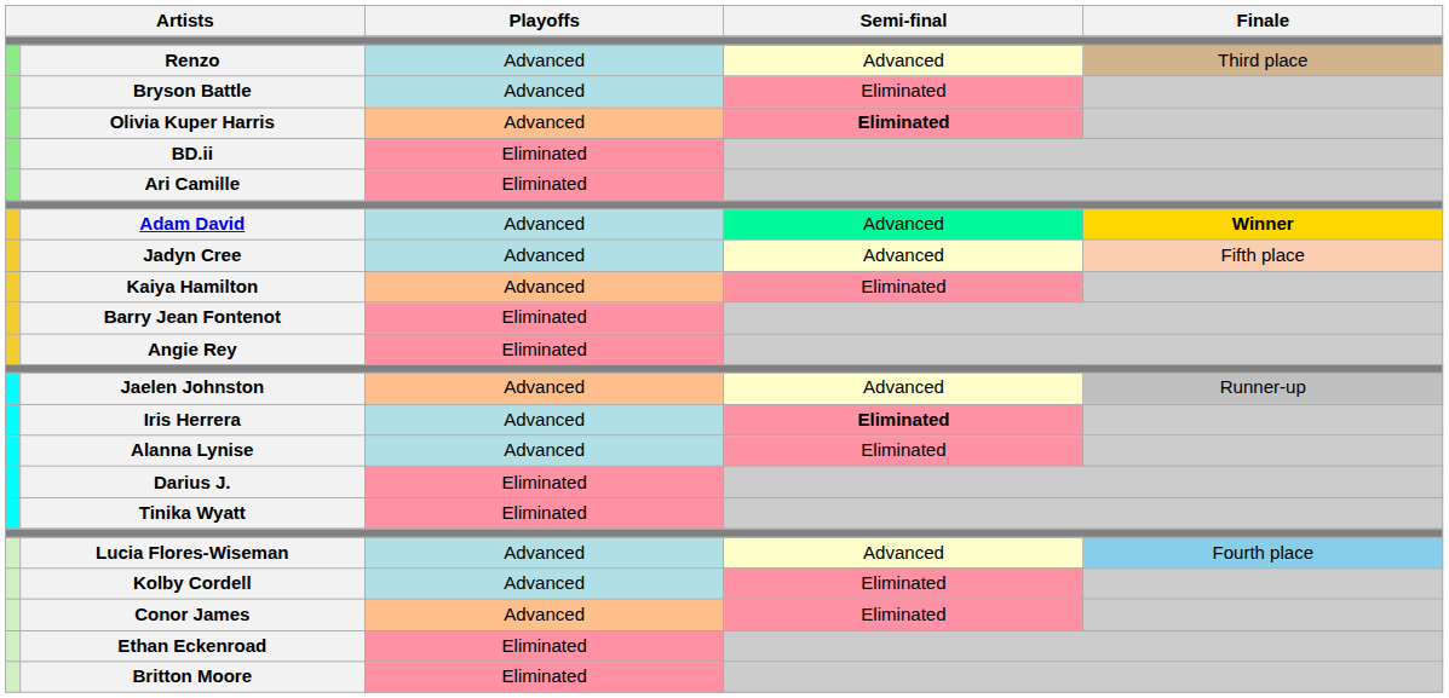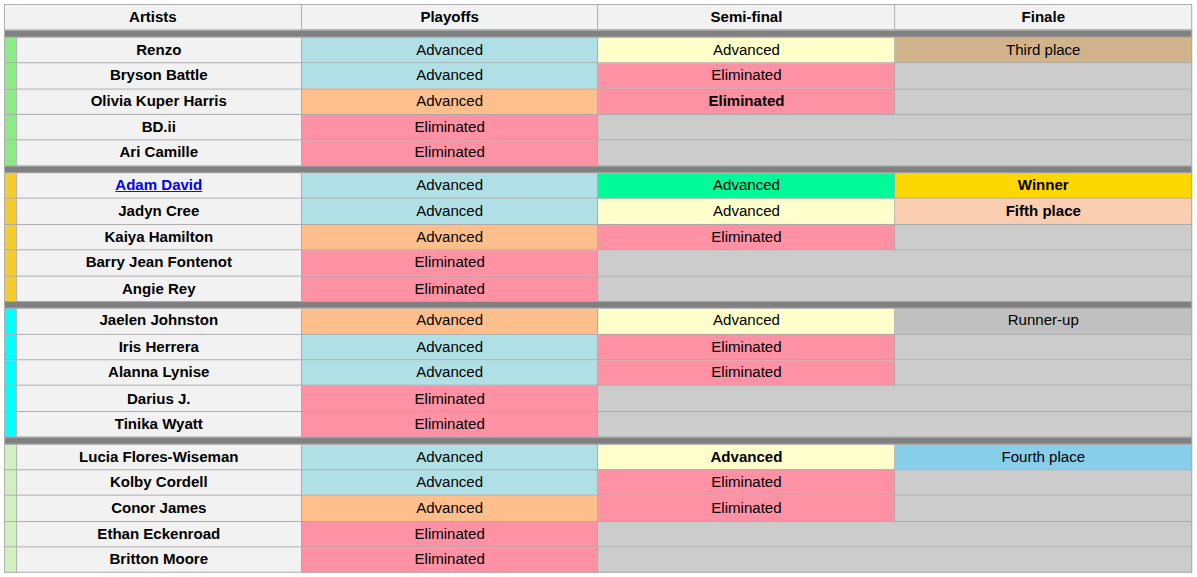 <table class="wikitable" style="text-align:center; line-height:20px; width:100%">
 <tr>
 <th colspan="2" rowspan="2" width="20%">Artists</th>
 <th style="width:20%">Playoffs</th>
 <th style="width:20%">Semi-final</th>
 <th style="width:20%">Finale</th>
 </tr>
 <tr>
 </tr>
 <tr>
 <th colspan="5" style="background:gray"></th>
 </tr>
 <tr>
 <th style="background:#8deb87"></th>
 <th scope="row">Renzo</th>
 <td style="background:#b0e0e6">Advanced</td>
 <td style="background:#FFFFCC">Advanced</td>
 <td style="background:tan">Third place</td>
 </tr>
 <tr>
 <th style="background:#8deb87"></th>
 <th scope="row">Bryson Battle</th>
 <td style="background:#b0e0e6">Advanced</td>
 <td style="background:#FF91A4">Eliminated</td>
 <td style="background:#ccc"></td>
 </tr>
 <tr>
 <th style="background:#8deb87"></th>
 <th scope="row">Olivia Kuper Harris</th>
 <td style="background:#FFBF8C">Advanced</td>
 <td style="background:#FF91A4"><strong>Eliminated</strong></td>
 <td style="background:#ccc"></td>
 </tr>
 <tr>
 <th style="background:#8deb87"></th>
 <th scope="row">BD.ii</th>
 <td style="background:#FF91A4">Eliminated</td>
 <td colspan="2" style="background:#ccc"></td>
 </tr>
 <tr>
 <th style="background:#8deb87"></th>
 <th scope="row">Ari Camille</th>
 <td style="background:#FF91A4">Eliminated</td>
 <td colspan="2" style="background:#ccc"></td>
 </tr>
 <tr>
 <th colspan="7" style="background:gray"></th>
 </tr>
 <tr>
 <th style="background:#F4CC30"></th>
 <th scope="row"><a href='#'>Adam David</a></th>
 <td style="background:#b0e0e6">Advanced</td>
 <td style="background:#00FA9A">Advanced</td>
 <td style="background:gold"><strong>Winner</strong></td>
 </tr>
 <tr>
 <th style="background:#F4CC30"></th>
 <th scope="row">Jadyn Cree</th>
 <td style="background:#b0e0e6">Advanced</td>
 <td style="background:#FFFFCC">Advanced</td>
-<td style="background:#fbceb1">Fifth place</td>
+<td style="background:#fbceb1"><strong>Fifth place</strong></td>
 </tr>
 <tr>
 <th style="background:#F4CC30"></th>
 <th scope="row">Kaiya Hamilton</th>
 <td style="background:#FFBF8C">Advanced</td>
 <td style="background:#FF91A4">Eliminated</td>
 <td style="background:#ccc"></td>
 </tr>
 <tr>
 <th style="background:#F4CC30"></th>
 <th scope="row">Barry Jean Fontenot</th>
 <td style="background:#FF91A4">Eliminated</td>
 <td colspan="2" style="background:#ccc"></td>
 </tr>
 <tr>
 <th style="background:#F4CC30"></th>
 <th scope="row">Angie Rey</th>
 <td style="background:#FF91A4">Eliminated</td>
 <td colspan="2" style="background:#ccc"></td>
 </tr>
 <tr>
 <th colspan="7" style="background:gray"></th>
 </tr>
 <tr>
 <th style="background:#00FFFF"></th>
 <th scope="row">Jaelen Johnston</th>
 <td style="background:#FFBF8C">Advanced</td>
 <td style="background:#FFFFCC">Advanced</td>
 <td style="background:silver">Runner-up</td>
 </tr>
 <tr>
 <th style="background:#00FFFF"></th>
 <th scope="row">Iris Herrera</th>
 <td style="background:#b0e0e6">Advanced</td>
-<td style="background:#FF91A4"><strong>Eliminated</strong></td>
+<td style="background:#FF91A4">Eliminated</td>
 <td style="background:#ccc"></td>
 </tr>
 <tr>
 <th style="background:#00FFFF"></th>
 <th scope="row">Alanna Lynise</th>
 <td style="background:#b0e0e6">Advanced</td>
 <td style="background:#FF91A4">Eliminated</td>
 <td style="background:#ccc"></td>
 </tr>
 <tr>
 <th style="background:#00FFFF"></th>
 <th scope="row">Darius J.</th>
 <td style="background:#FF91A4">Eliminated</td>
 <td colspan="2" style="background:#ccc"></td>
 </tr>
 <tr>
 <th style="background:#00FFFF"></th>
 <th scope="row">Tinika Wyatt</th>
 <td style="background:#FF91A4">Eliminated</td>
 <td colspan="2" style="background:#ccc"></td>
 </tr>
 <tr>
 <th colspan="7" style="background:gray"></th>
 </tr>
 <tr>
 <th style="background:#d0f0c0"></th>
 <th scope="row">Lucia Flores-Wiseman</th>
 <td style="background:#b0e0e6">Advanced</td>
-<td style="background:#FFFFCC">Advanced</td>
+<td style="background:#FFFFCC"><strong>Advanced</strong></td>
 <td style="background:skyblue">Fourth place</td>
 </tr>
 <tr>
 <th style="background:#d0f0c0"></th>
 <th scope="row">Kolby Cordell</th>
 <td style="background:#b0e0e6">Advanced</td>
 <td style="background:#FF91A4">Eliminated</td>
 <td style="background:#ccc"></td>
 </tr>
 <tr>
 <th style="background:#d0f0c0"></th>
 <th scope="row">Conor James</th>
 <td style="background:#FFBF8C">Advanced</td>
 <td style="background:#FF91A4">Eliminated</td>
 <td style="background:#ccc"></td>
 </tr>
 <tr>
 <th style="background:#d0f0c0"></th>
 <th scope="row">Ethan Eckenroad</th>
 <td style="background:#FF91A4">Eliminated</td>
 <td colspan="2" style="background:#ccc"></td>
 </tr>
 <tr>
 <th style="background:#d0f0c0"></th>
 <th scope="row">Britton Moore</th>
 <td style="background:#FF91A4">Eliminated</td>
 <td colspan="2" style="background:#ccc"></td>
 </tr>
 </table>
